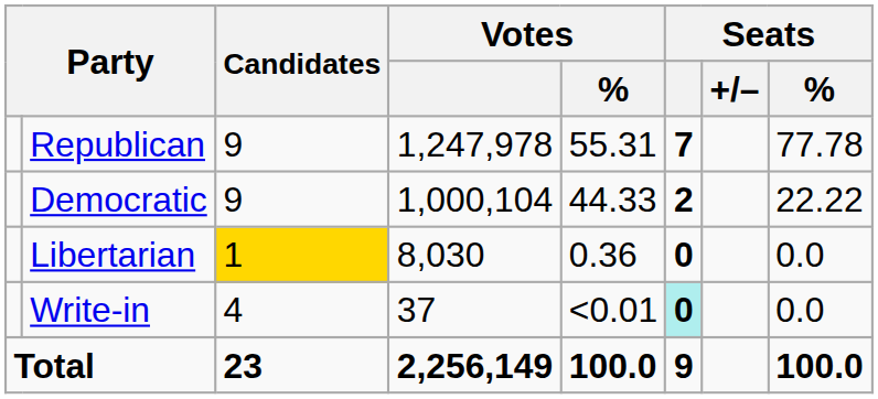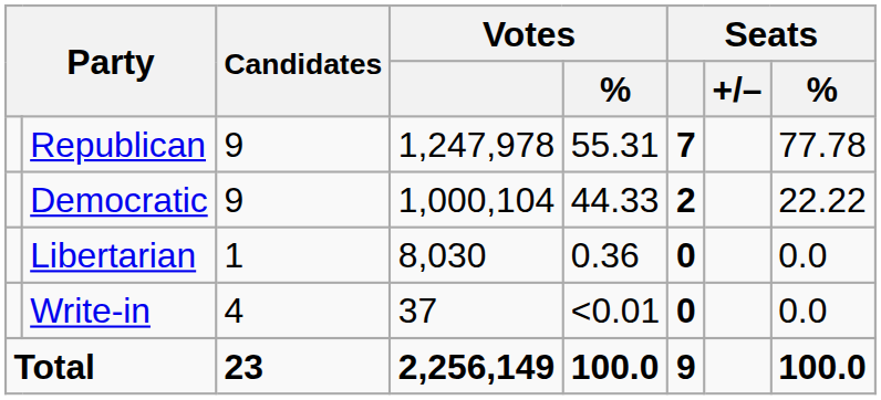 <table class="wikitable" style="font-size: 95%;">
 <tr>
 <th colspan="2" rowspan="2">Party</th>
 <th rowspan="2"><small>Candi</small><small>dates</small></th>
 <th colspan="2">Votes</th>
 <th colspan="3">Seats</th>
 </tr>
 <tr>
 <th></th>
 <th>%</th>
 <th></th>
 <th>+/–</th>
 <th>%</th>
 </tr>
 <tr>
 <td style="background:"></td>
 <td align="left"><a href='#'>Republican</a></td>
 <td>9</td>
 <td>1,247,978</td>
 <td>55.31</td>
 <td><strong>7</strong></td>
 <td></td>
 <td>77.78</td>
 </tr>
 <tr>
 <td style="background:"></td>
 <td align="left"><a href='#'>Democratic</a></td>
 <td>9</td>
 <td>1,000,104</td>
 <td>44.33</td>
 <td><strong>2</strong></td>
 <td></td>
 <td>22.22</td>
 </tr>
 <tr>
 <td style="background:"></td>
 <td align="left"><a href='#'>Libertarian</a></td>
-<td style="background: gold;">1</td>
+<td>1</td>
 <td>8,030</td>
 <td>0.36</td>
 <td><strong>0</strong></td>
 <td></td>
 <td>0.0</td>
 </tr>
 <tr>
 <td style="background:"></td>
 <td align="left"><a href='#'>Write-in</a></td>
 <td>4</td>
 <td>37</td>
 <td><0.01</td>
-<td style="background: paleturquoise;"><strong>0</strong></td>
+<td><strong>0</strong></td>
 <td></td>
 <td>0.0</td>
 </tr>
 <tr>
 </tr>
 <tr style="font-weight:bold">
 <td colspan="2" align="left">Total</td>
 <td>23</td>
 <td>2,256,149</td>
 <td>100.0</td>
 <td>9</td>
 <td></td>
 <td>100.0</td>
 </tr>
 </table>
